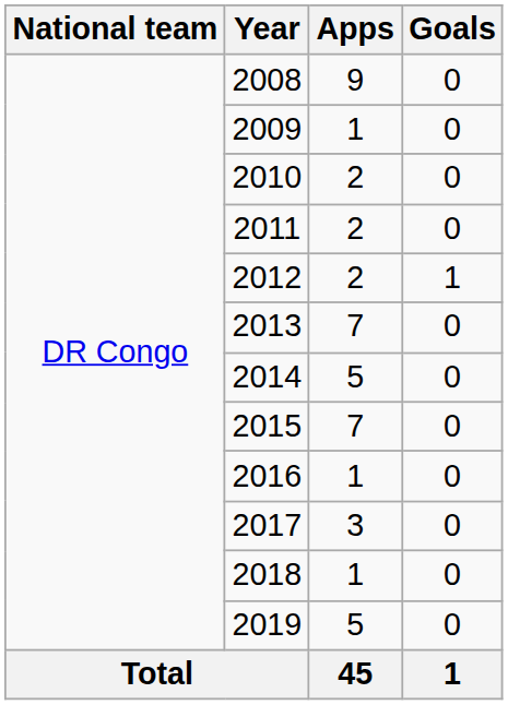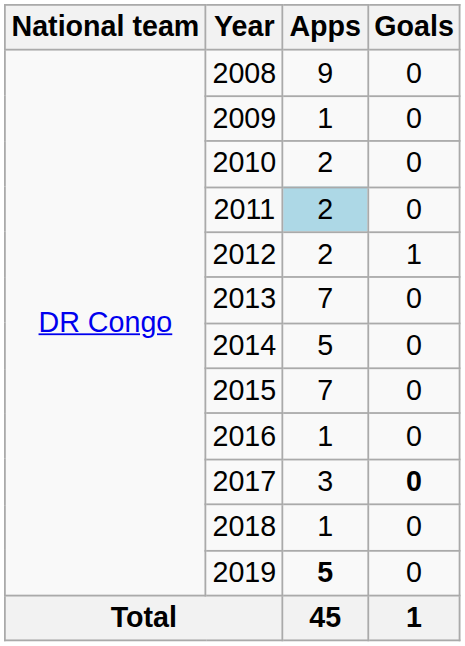 <table class="wikitable" style="text-align: center;">
 <tr>
 <th>National team</th>
 <th>Year</th>
 <th>Apps</th>
 <th>Goals</th>
 </tr>
 <tr>
 <td rowspan="12"><a href='#'>DR Congo</a></td>
 <td>2008</td>
 <td>9</td>
 <td>0</td>
 </tr>
 <tr>
 <td>2009</td>
 <td>1</td>
 <td>0</td>
 </tr>
 <tr>
 <td>2010</td>
 <td>2</td>
 <td>0</td>
 </tr>
 <tr>
 <td>2011</td>
-<td>2</td>
+<td style="background: lightblue;">2</td>
 <td>0</td>
 </tr>
 <tr>
 <td>2012</td>
 <td>2</td>
 <td>1</td>
 </tr>
 <tr>
 <td>2013</td>
 <td>7</td>
 <td>0</td>
 </tr>
 <tr>
 <td>2014</td>
 <td>5</td>
 <td>0</td>
 </tr>
 <tr>
 <td>2015</td>
 <td>7</td>
 <td>0</td>
 </tr>
 <tr>
 <td>2016</td>
 <td>1</td>
 <td>0</td>
 </tr>
 <tr>
 <td>2017</td>
 <td>3</td>
-<td>0</td>
+<td><strong>0</strong></td>
 </tr>
 <tr>
 <td>2018</td>
 <td>1</td>
 <td>0</td>
 </tr>
 <tr>
 <td>2019</td>
-<td>5</td>
+<td><strong>5</strong></td>
 <td>0</td>
 </tr>
 <tr>
 <th colspan="2">Total</th>
 <th>45</th>
 <th>1</th>
 </tr>
 </table>
